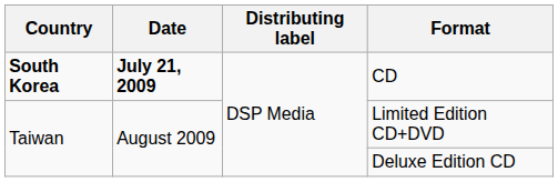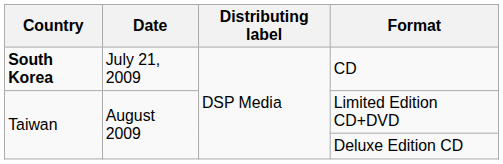 <table class="wikitable" style="width:500px">
 <tr>
 <th>Country</th>
 <th>Date</th>
 <th>Distributing label</th>
 <th>Format</th>
 </tr>
 <tr>
 <td><strong>South Korea</strong></td>
-<td><strong>July 21, 2009</strong></td>
+<td>July 21, 2009</td>
 <td rowspan=3>DSP Media</td>
 <td>CD</td>
 </tr>
 <tr>
 <td rowspan=2>Taiwan</td>
 <td rowspan=2>August 2009</td>
 <td>Limited Edition CD+DVD</td>
 </tr>
 <tr>
 <td>Deluxe Edition CD</td>
 </tr>
 </table>
